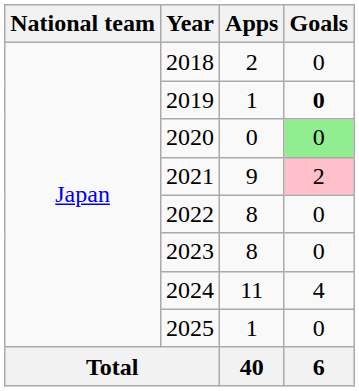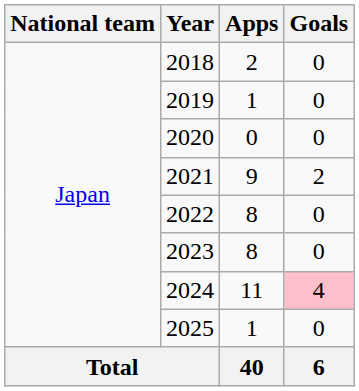 <table class="wikitable" style="text-align:center">
 <tr>
 <th>National team</th>
 <th>Year</th>
 <th>Apps</th>
 <th>Goals</th>
 </tr>
 <tr>
 <td rowspan="8"><a href='#'>Japan</a></td>
 <td>2018</td>
 <td>2</td>
 <td>0</td>
 </tr>
 <tr>
 <td>2019</td>
 <td>1</td>
-<td><strong>0</strong></td>
+<td>0</td>
 </tr>
 <tr>
 <td>2020</td>
 <td>0</td>
-<td style="background: lightgreen;">0</td>
+<td>0</td>
 </tr>
 <tr>
 <td>2021</td>
 <td>9</td>
-<td style="background: pink;">2</td>
+<td>2</td>
 </tr>
 <tr>
 <td>2022</td>
 <td>8</td>
 <td>0</td>
 </tr>
 <tr>
 <td>2023</td>
 <td>8</td>
 <td>0</td>
 </tr>
 <tr>
 <td>2024</td>
 <td>11</td>
-<td>4</td>
+<td style="background: pink;">4</td>
 </tr>
 <tr>
 <td>2025</td>
 <td>1</td>
 <td>0</td>
 </tr>
 <tr>
 <th colspan="2">Total</th>
 <th>40</th>
 <th>6</th>
 </tr>
 </table>
